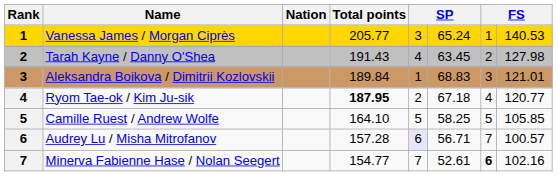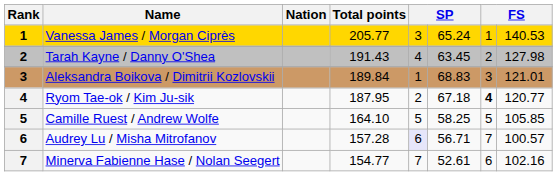 <table class="wikitable sortable">
 <tr>
 <th>Rank</th>
 <th>Name</th>
 <th>Nation</th>
 <th>Total points</th>
 <th colspan="2" width="80px"><a href='#'>SP</a></th>
 <th colspan="2" width="80px"><a href='#'>FS</a></th>
 </tr>
 <tr bgcolor="gold">
 <td align="center"><strong>1</strong></td>
 <td><a href='#'>Vanessa James</a> / <a href='#'>Morgan Ciprès</a></td>
 <td></td>
 <td align="center">205.77</td>
 <td align="center">3</td>
 <td align="center">65.24</td>
 <td align="center">1</td>
 <td align="center">140.53</td>
 </tr>
 <tr>
 </tr>
 <tr bgcolor="silver">
 <td align="center"><strong>2</strong></td>
 <td><a href='#'>Tarah Kayne</a> / <a href='#'>Danny O'Shea</a></td>
 <td></td>
 <td align="center">191.43</td>
 <td align="center">4</td>
 <td align="center">63.45</td>
 <td align="center">2</td>
 <td align="center">127.98</td>
 </tr>
 <tr>
 </tr>
 <tr bgcolor=cc9966>
 <td align="center"><strong>3</strong></td>
 <td><a href='#'>Aleksandra Boikova</a> / <a href='#'>Dimitrii Kozlovskii</a></td>
 <td></td>
 <td align="center">189.84</td>
 <td align="center">1</td>
 <td align="center">68.83</td>
 <td align="center">3</td>
 <td align="center">121.01</td>
 </tr>
 <tr>
 <th>4</th>
 <td><a href='#'>Ryom Tae-ok</a> / <a href='#'>Kim Ju-sik</a></td>
 <td></td>
-<td align="center"><strong>187.95</strong></td>
+<td align="center">187.95</td>
 <td align="center">2</td>
 <td align="center">67.18</td>
-<td align="center">4</td>
+<td align="center"><strong>4</strong></td>
 <td align="center">120.77</td>
 </tr>
 <tr>
 <th>5</th>
 <td><a href='#'>Camille Ruest</a> / <a href='#'>Andrew Wolfe</a></td>
 <td></td>
 <td align="center">164.10</td>
 <td align="center">5</td>
 <td align="center">58.25</td>
 <td align="center">5</td>
 <td align="center">105.85</td>
 </tr>
 <tr>
 <th>6</th>
 <td><a href='#'>Audrey Lu</a> / <a href='#'>Misha Mitrofanov</a></td>
 <td></td>
 <td align="center">157.28</td>
 <td align="center" style="background: lavender;">6</td>
 <td align="center">56.71</td>
 <td align="center">7</td>
 <td align="center">100.57</td>
 </tr>
 <tr>
 <th>7</th>
 <td><a href='#'>Minerva Fabienne Hase</a> / <a href='#'>Nolan Seegert</a></td>
 <td></td>
 <td align="center">154.77</td>
 <td align="center">7</td>
 <td align="center">52.61</td>
-<td align="center"><strong>6</strong></td>
+<td align="center">6</td>
 <td align="center">102.16</td>
 </tr>
 </table>
